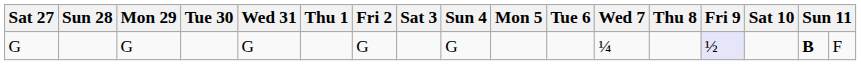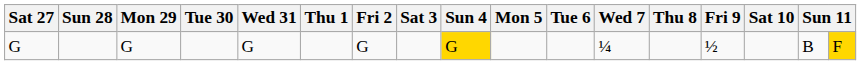 <table class="wikitable olympic-schedule handball">
 <tr>
 <th>Sat 27</th>
 <th>Sun 28</th>
 <th>Mon 29</th>
 <th>Tue 30</th>
 <th>Wed 31</th>
 <th>Thu 1</th>
 <th>Fri 2</th>
 <th>Sat 3</th>
 <th>Sun 4</th>
 <th>Mon 5</th>
 <th>Tue 6</th>
 <th>Wed 7</th>
 <th>Thu 8</th>
 <th>Fri 9</th>
 <th>Sat 10</th>
 <th colspan="2">Sun 11</th>
 </tr>
 <tr>
 <td class="team-group">G</td>
 <td></td>
 <td class="team-group">G</td>
 <td></td>
 <td class="team-group">G</td>
 <td></td>
 <td class="team-group">G</td>
 <td></td>
-<td class="team-group">G</td>
+<td class="team-group" style="background: gold;">G</td>
 <td></td>
 <td></td>
 <td class="team-qf">¼</td>
 <td></td>
-<td class="team-sf" style="background: lavender;">½</td>
+<td class="team-sf">½</td>
 <td></td>
-<td class="team-bronze"><strong>B</strong></td>
-<td class="team-final">F</td>
+<td class="team-bronze">B</td>
+<td class="team-final" style="background: gold;">F</td>
 </tr>
 </table>
